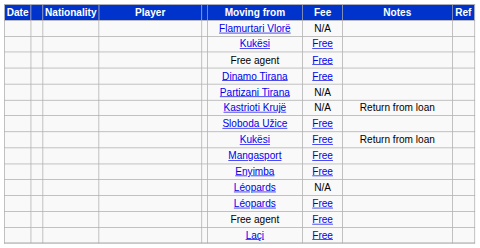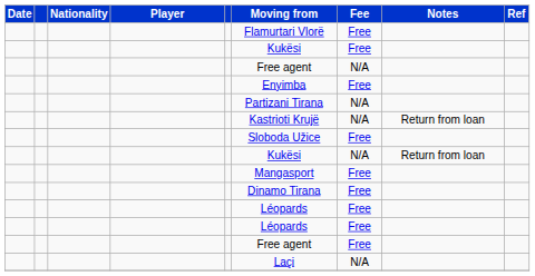 <table class="wikitable"  style="text-align:center; font-size:90%; ">
 <tr>
 <th style="background:#03c; color:white; width:15px;">Date</th>
 <th style="background:#03c; color:white; width:10px;"></th>
 <th style="background:#03c; color:white; width:10px;">Nationality</th>
 <th style="background:#03c; color:white; width:140px;">Player</th>
 <th style="background:#03c; color:white; width:1px;"></th>
 <th style="background:#03c; color:white; width:130px;">Moving from</th>
 <th style="background:#03c; color:white; width:50px;">Fee</th>
 <th style="background:#03c; color:white; width:150px;">Notes</th>
 <th style="background:#03c; color:white; width:25px;">Ref</th>
 </tr>
 <tr>
 <td></td>
 <td align=center></td>
 <td align=center></td>
 <td></td>
 <td></td>
 <td><a href='#'>Flamurtari Vlorë</a></td>
-<td align=center>N/A</td>
+<td align=center><a href='#'>Free</a></td>
 <td align=center></td>
 <td align=center></td>
 </tr>
 <tr>
 <td></td>
 <td align=center></td>
 <td align=center></td>
 <td></td>
 <td></td>
 <td><a href='#'>Kukësi</a></td>
 <td align=center><a href='#'>Free</a></td>
 <td align=center></td>
 <td align=center></td>
 </tr>
 <tr>
 <td></td>
 <td align=center></td>
 <td align=center></td>
 <td></td>
 <td></td>
 <td>Free agent</td>
-<td align=center><a href='#'>Free</a></td>
+<td align=center>N/A</td>
 <td align=center></td>
 <td align=center></td>
 </tr>
 <tr>
 <td></td>
 <td align=center></td>
 <td align=center></td>
 <td></td>
 <td></td>
-<td><a href='#'>Dinamo Tirana</a></td>
+<td><a href='#'>Enyimba</a></td>
 <td align=center><a href='#'>Free</a></td>
 <td align=center></td>
 <td align=center></td>
 </tr>
 <tr>
 <td></td>
 <td align=center></td>
 <td align=center></td>
 <td></td>
 <td></td>
 <td><a href='#'>Partizani Tirana</a></td>
 <td align=center>N/A</td>
 <td align=center></td>
 <td align=center></td>
 </tr>
 <tr>
 <td></td>
 <td align=center></td>
 <td align=center></td>
 <td></td>
 <td></td>
 <td><a href='#'>Kastrioti Krujë</a></td>
 <td align=center>N/A</td>
 <td align=center>Return from loan</td>
 <td align=center></td>
 </tr>
 <tr>
 <td></td>
 <td align=center></td>
 <td align=center></td>
 <td></td>
 <td></td>
 <td><a href='#'>Sloboda Užice</a></td>
 <td align=center><a href='#'>Free</a></td>
 <td align=center></td>
 <td align=center></td>
 </tr>
 <tr>
 <td></td>
 <td align=center></td>
 <td align=center></td>
 <td></td>
 <td></td>
 <td><a href='#'>Kukësi</a></td>
-<td align=center><a href='#'>Free</a></td>
+<td align=center>N/A</td>
 <td align=center>Return from loan</td>
 <td align=center></td>
 </tr>
 <tr>
 <td></td>
 <td align=center></td>
 <td align=center></td>
 <td></td>
 <td></td>
 <td><a href='#'>Mangasport</a></td>
 <td align=center><a href='#'>Free</a></td>
 <td align=center></td>
 <td align=center></td>
 </tr>
 <tr>
 <td></td>
 <td align=center></td>
 <td align=center></td>
 <td></td>
 <td></td>
-<td><a href='#'>Enyimba</a></td>
+<td><a href='#'>Dinamo Tirana</a></td>
 <td align=center><a href='#'>Free</a></td>
 <td align=center></td>
 <td align=center></td>
 </tr>
 <tr>
 <td></td>
 <td align=center></td>
 <td align=center></td>
 <td></td>
 <td></td>
 <td><a href='#'>Léopards</a></td>
-<td align=center>N/A</td>
+<td align=center><a href='#'>Free</a></td>
 <td align=center></td>
 <td align=center></td>
 </tr>
 <tr>
 <td></td>
 <td align=center></td>
 <td align=center></td>
 <td></td>
 <td></td>
 <td><a href='#'>Léopards</a></td>
 <td align=center><a href='#'>Free</a></td>
 <td align=center></td>
 <td align=center></td>
 </tr>
 <tr>
 <td></td>
 <td align=center></td>
 <td align=center></td>
 <td></td>
 <td></td>
 <td>Free agent</td>
 <td align=center><a href='#'>Free</a></td>
 <td align=center></td>
 <td align=center></td>
 </tr>
 <tr>
 <td></td>
 <td align=center></td>
 <td align=center></td>
 <td></td>
 <td></td>
 <td><a href='#'>Laçi</a></td>
-<td align=center><a href='#'>Free</a></td>
+<td align=center>N/A</td>
 <td align=center></td>
 <td align=center></td>
 </tr>
 <tr>
 </tr>
 </table>
